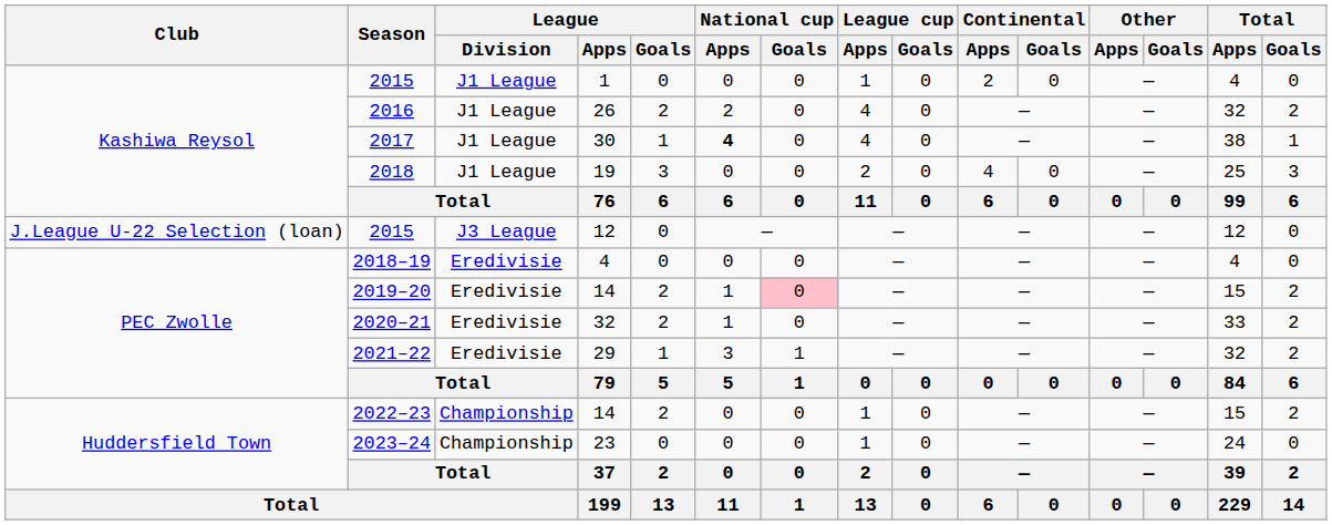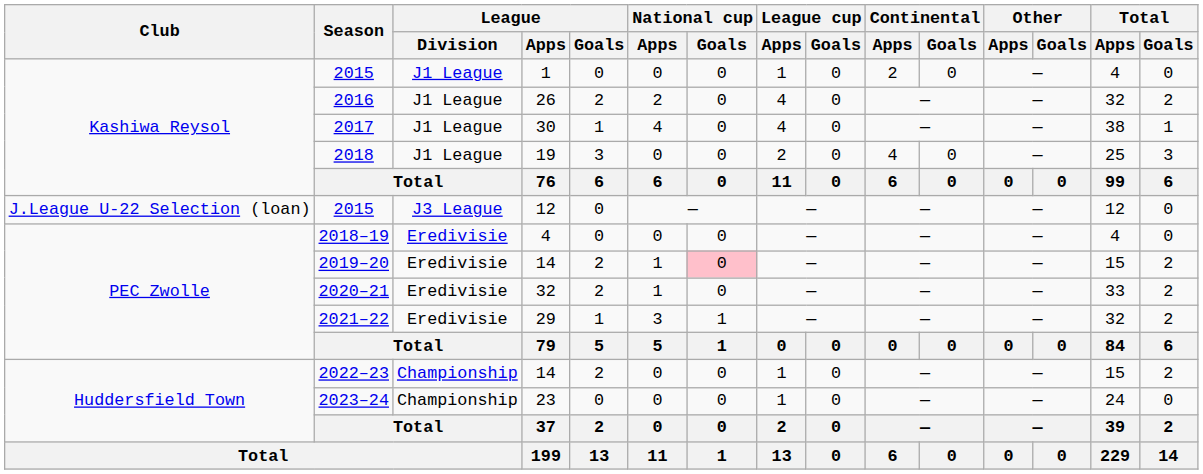 <table class="wikitable" style="text-align: center;">
 <tr>
 <th rowspan=2>Club</th>
 <th rowspan=2>Season</th>
 <th colspan=3>League</th>
 <th colspan=2>National cup</th>
 <th colspan=2>League cup</th>
 <th colspan=2>Continental</th>
 <th colspan=2>Other</th>
 <th colspan=2>Total</th>
 </tr>
 <tr>
 <th>Division</th>
 <th>Apps</th>
 <th>Goals</th>
 <th>Apps</th>
 <th>Goals</th>
 <th>Apps</th>
 <th>Goals</th>
 <th>Apps</th>
 <th>Goals</th>
 <th>Apps</th>
 <th>Goals</th>
 <th>Apps</th>
 <th>Goals</th>
 </tr>
 <tr>
 <td rowspan="5"><a href='#'>Kashiwa Reysol</a></td>
 <td><a href='#'>2015</a></td>
 <td><a href='#'>J1 League</a></td>
 <td>1</td>
 <td>0</td>
 <td>0</td>
 <td>0</td>
 <td>1</td>
 <td>0</td>
 <td>2</td>
 <td>0</td>
 <td colspan="2">—</td>
 <td>4</td>
 <td>0</td>
 </tr>
 <tr>
 <td><a href='#'>2016</a></td>
 <td>J1 League</td>
 <td>26</td>
 <td>2</td>
 <td>2</td>
 <td>0</td>
 <td>4</td>
 <td>0</td>
 <td colspan="2">—</td>
 <td colspan="2">—</td>
 <td>32</td>
 <td>2</td>
 </tr>
 <tr>
 <td><a href='#'>2017</a></td>
 <td>J1 League</td>
 <td>30</td>
 <td>1</td>
-<td><strong>4</strong></td>
+<td>4</td>
 <td>0</td>
 <td>4</td>
 <td>0</td>
 <td colspan="2">—</td>
 <td colspan="2">—</td>
 <td>38</td>
 <td>1</td>
 </tr>
 <tr>
 <td><a href='#'>2018</a></td>
 <td>J1 League</td>
 <td>19</td>
 <td>3</td>
 <td>0</td>
 <td>0</td>
 <td>2</td>
 <td>0</td>
 <td>4</td>
 <td>0</td>
 <td colspan="2">—</td>
 <td>25</td>
 <td>3</td>
 </tr>
 <tr>
 <th colspan="2">Total</th>
 <th>76</th>
 <th>6</th>
 <th>6</th>
 <th>0</th>
 <th>11</th>
 <th>0</th>
 <th>6</th>
 <th>0</th>
 <th>0</th>
 <th>0</th>
 <th>99</th>
 <th>6</th>
 </tr>
 <tr>
 <td><a href='#'>J.League U-22 Selection</a> (loan)</td>
 <td><a href='#'>2015</a></td>
 <td><a href='#'>J3 League</a></td>
 <td>12</td>
 <td>0</td>
 <td colspan="2">—</td>
 <td colspan="2">—</td>
 <td colspan="2">—</td>
 <td colspan="2">—</td>
 <td>12</td>
 <td>0</td>
 </tr>
 <tr>
 <td rowspan="5"><a href='#'>PEC Zwolle</a></td>
 <td><a href='#'>2018–19</a></td>
 <td><a href='#'>Eredivisie</a></td>
 <td>4</td>
 <td>0</td>
 <td>0</td>
 <td>0</td>
 <td colspan="2">—</td>
 <td colspan="2">—</td>
 <td colspan="2">—</td>
 <td>4</td>
 <td>0</td>
 </tr>
 <tr>
 <td><a href='#'>2019–20</a></td>
 <td>Eredivisie</td>
 <td>14</td>
 <td>2</td>
 <td>1</td>
 <td style="background: pink;">0</td>
 <td colspan="2">—</td>
 <td colspan="2">—</td>
 <td colspan="2">—</td>
 <td>15</td>
 <td>2</td>
 </tr>
 <tr>
 <td><a href='#'>2020–21</a></td>
 <td>Eredivisie</td>
 <td>32</td>
 <td>2</td>
 <td>1</td>
 <td>0</td>
 <td colspan="2">—</td>
 <td colspan="2">—</td>
 <td colspan="2">—</td>
 <td>33</td>
 <td>2</td>
 </tr>
 <tr>
 <td><a href='#'>2021–22</a></td>
 <td>Eredivisie</td>
 <td>29</td>
 <td>1</td>
 <td>3</td>
 <td>1</td>
 <td colspan="2">—</td>
 <td colspan="2">—</td>
 <td colspan="2">—</td>
 <td>32</td>
 <td>2</td>
 </tr>
 <tr>
 <th colspan="2">Total</th>
 <th>79</th>
 <th>5</th>
 <th>5</th>
 <th>1</th>
 <th>0</th>
 <th>0</th>
 <th>0</th>
 <th>0</th>
 <th>0</th>
 <th>0</th>
 <th>84</th>
 <th>6</th>
 </tr>
 <tr>
 <td rowspan="3"><a href='#'>Huddersfield Town</a></td>
 <td><a href='#'>2022–23</a></td>
 <td><a href='#'>Championship</a></td>
 <td>14</td>
 <td>2</td>
 <td>0</td>
 <td>0</td>
 <td>1</td>
 <td>0</td>
 <td colspan="2">—</td>
 <td colspan="2">—</td>
 <td>15</td>
 <td>2</td>
 </tr>
 <tr>
 <td><a href='#'>2023–24</a></td>
 <td>Championship</td>
 <td>23</td>
 <td>0</td>
 <td>0</td>
 <td>0</td>
 <td>1</td>
 <td>0</td>
 <td colspan="2">—</td>
 <td colspan="2">—</td>
 <td>24</td>
 <td>0</td>
 </tr>
 <tr>
 <th colspan="2">Total</th>
 <th>37</th>
 <th>2</th>
 <th>0</th>
 <th>0</th>
 <th>2</th>
 <th>0</th>
 <th colspan="2">—</th>
 <th colspan="2">—</th>
 <th>39</th>
 <th>2</th>
 </tr>
 <tr>
 <th colspan="3">Total</th>
 <th>199</th>
 <th>13</th>
 <th>11</th>
 <th>1</th>
 <th>13</th>
 <th>0</th>
 <th>6</th>
 <th>0</th>
 <th>0</th>
 <th>0</th>
 <th>229</th>
 <th>14</th>
 </tr>
 </table>
